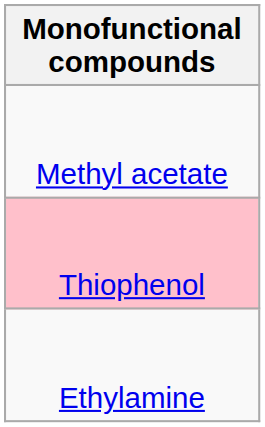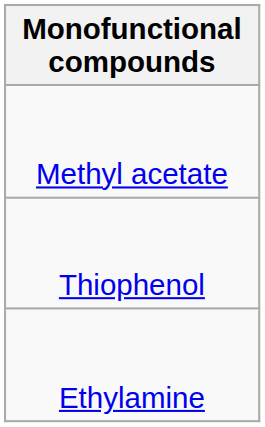 <table class="wikitable floatright" id="cxmwAQ" style="text-align:center; font-size:90%" width="20%">
 <tr>
 <th>Monofunctional compounds</th>
 </tr>
 <tr>
 <td><br><br><a href='#'>Methyl acetate</a></td>
 </tr>
 <tr>
-<td style="background: pink;"><br><br><a href='#'>Thiophenol</a></td>
+<td><br><br><a href='#'>Thiophenol</a></td>
 </tr>
 <tr>
 <td><br><br><a href='#'>Ethylamine</a></td>
 </tr>
 </table>
